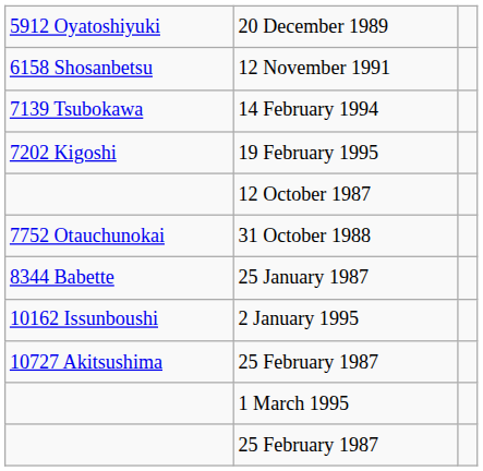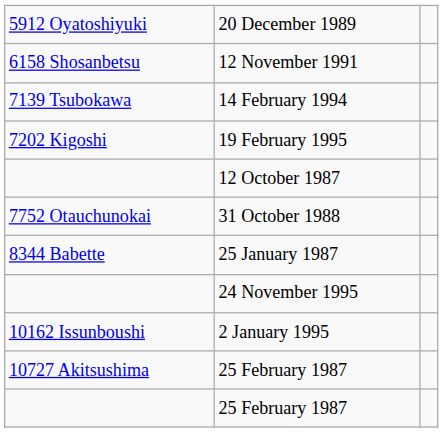 <table class="wikitable" style="font-size: 89%; float: left; width: 24em; margin-right: 1em; line-height: 1.65em !important; height: 324px;">
 <tr>
 <td><a href='#'>5912 Oyatoshiyuki</a></td>
 <td>20 December 1989</td>
 <td> </td>
 </tr>
 <tr>
 <td><a href='#'>6158 Shosanbetsu</a></td>
 <td>12 November 1991</td>
 <td> </td>
 </tr>
 <tr>
 <td><a href='#'>7139 Tsubokawa</a></td>
 <td>14 February 1994</td>
 <td> </td>
 </tr>
 <tr>
 <td><a href='#'>7202 Kigoshi</a></td>
 <td>19 February 1995</td>
 <td> </td>
 </tr>
 <tr>
 <td></td>
 <td>12 October 1987</td>
 <td> </td>
 </tr>
 <tr>
 <td><a href='#'>7752 Otauchunokai</a></td>
 <td>31 October 1988</td>
 <td> </td>
 </tr>
 <tr>
 <td><a href='#'>8344 Babette</a></td>
 <td>25 January 1987</td>
 <td> </td>
 </tr>
 <tr>
+<td></td>
+<td>24 November 1995</td>
+<td> </td>
+</tr>
+<tr>
 <td><a href='#'>10162 Issunboushi</a></td>
 <td>2 January 1995</td>
 <td> </td>
 </tr>
 <tr>
 <td><a href='#'>10727 Akitsushima</a></td>
 <td>25 February 1987</td>
 <td> </td>
 </tr>
 <tr>
 <td></td>
-<td>1 March 1995</td>
-<td> </td>
-</tr>
-<tr>
-<td></td>
 <td>25 February 1987</td>
 <td> </td>
 </tr>
 </table>
